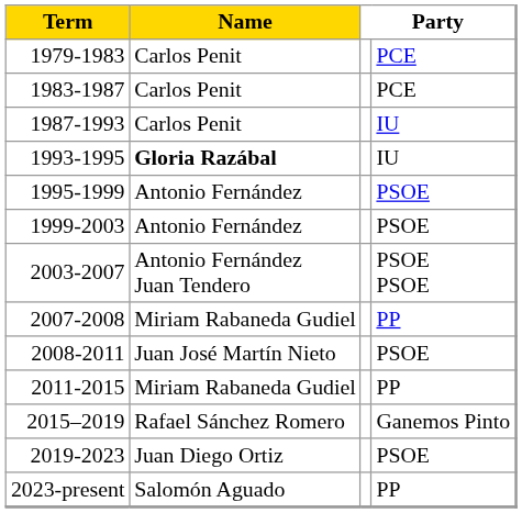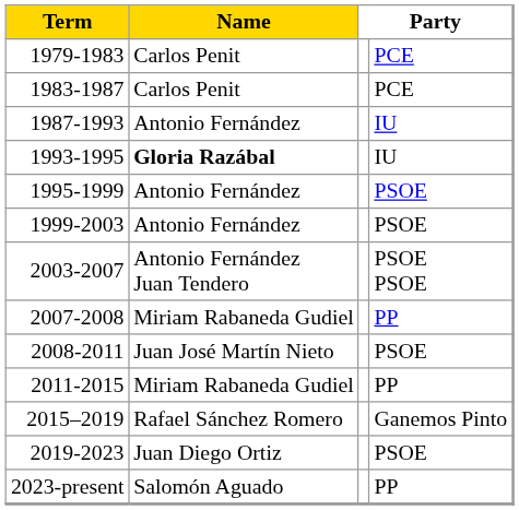 <table align="center" rules="all" cellspacing="0" cellpadding="3" style="border: 1px solid #999; border-right: 2px solid #999; border-bottom:2px solid #999">
 <tr>
 <th bgcolor="gold">Term</th>
 <th align="center" bgcolor="gold">Name</th>
 <th colspan="2">Party</th>
 </tr>
 <tr>
 <td align="right">1979-1983</td>
 <td>Carlos Penit</td>
 <td width="1"></td>
 <td><a href='#'>PCE</a></td>
 </tr>
 <tr>
 <td align="right">1983-1987</td>
 <td>Carlos Penit</td>
 <td></td>
 <td>PCE</td>
 </tr>
 <tr>
 <td align="right">1987-1993</td>
-<td>Carlos Penit</td>
+<td>Antonio Fernández</td>
 <td></td>
 <td><a href='#'>IU</a></td>
 </tr>
 <tr>
 <td align="right">1993-1995</td>
 <td><strong>Gloria Razábal</strong></td>
 <td></td>
 <td>IU</td>
 </tr>
 <tr>
 <td align="right">1995-1999</td>
 <td>Antonio Fernández</td>
 <td></td>
 <td><a href='#'>PSOE</a></td>
 </tr>
 <tr>
 <td align="right">1999-2003</td>
 <td>Antonio Fernández</td>
 <td></td>
 <td>PSOE</td>
 </tr>
 <tr>
 <td align="right">2003-2007</td>
 <td>Antonio Fernández<br>Juan Tendero</td>
 <td></td>
 <td>PSOE<br>PSOE</td>
 </tr>
 <tr>
 <td align="right">2007-2008</td>
 <td>Miriam Rabaneda Gudiel</td>
 <td></td>
 <td><a href='#'>PP</a></td>
 </tr>
 <tr>
 <td align="right">2008-2011</td>
 <td>Juan José Martín Nieto</td>
 <td></td>
 <td>PSOE</td>
 </tr>
 <tr>
 <td align="right">2011-2015</td>
 <td>Miriam Rabaneda Gudiel</td>
 <td></td>
 <td>PP</td>
 </tr>
 <tr>
 <td align="right">2015–2019</td>
 <td>Rafael Sánchez Romero</td>
 <td></td>
 <td>Ganemos Pinto</td>
 </tr>
 <tr>
 <td align="right">2019-2023</td>
 <td>Juan Diego Ortiz</td>
 <td></td>
 <td>PSOE</td>
 </tr>
 <tr>
 <td align="right">2023-present</td>
 <td>Salomón Aguado</td>
 <td></td>
 <td>PP</td>
 </tr>
 <tr>
 </tr>
 </table>
